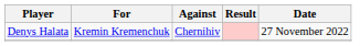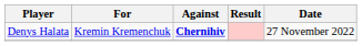 <table class="wikitable sortable">
 <tr>
 <th>Player</th>
 <th>For</th>
 <th>Against</th>
 <th>Result</th>
 <th>Date</th>
 </tr>
 <tr>
 <td> <a href='#'>Denys Halata</a></td>
 <td><a href='#'>Kremin Kremenchuk</a></td>
-<td><a href='#'>Chernihiv</a></td>
+<td><strong><a href='#'>Chernihiv</a></strong></td>
 <td style="background:#ffcccc;"></td>
 <td>27 November 2022</td>
 </tr>
 <tr>
 </tr>
 <tr>
 </tr>
 </table>
